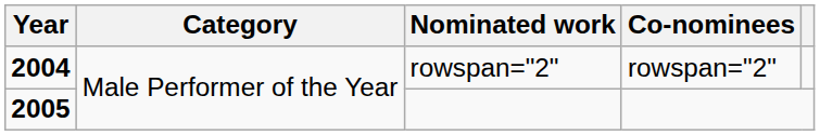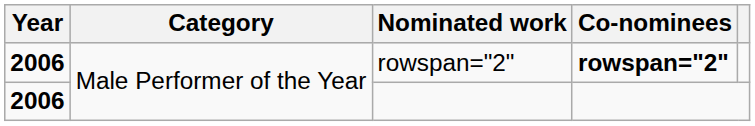 <table class="wikitable">
 <tr>
 <th>Year</th>
 <th>Category</th>
 <th>Nominated work</th>
 <th>Co-nominees</th>
 <th></th>
 </tr>
 <tr>
-<td><strong>2004</strong></td>
+<td><strong>2006</strong></td>
 <td rowspan="2">Male Performer of the Year</td>
 <td>rowspan="2" </td>
-<td>rowspan="2" </td>
+<td><strong>rowspan="2" </strong></td>
 <td></td>
 </tr>
 <tr>
-<td><strong>2005</strong></td>
+<td><strong>2006</strong></td>
 <td></td>
 </tr>
 </table>
